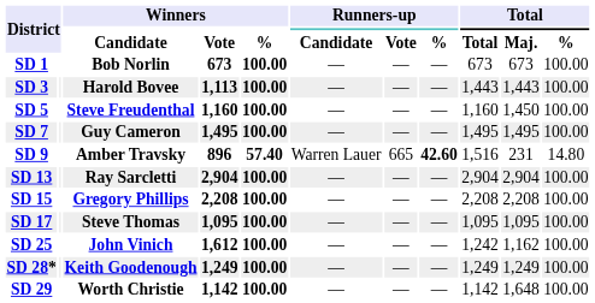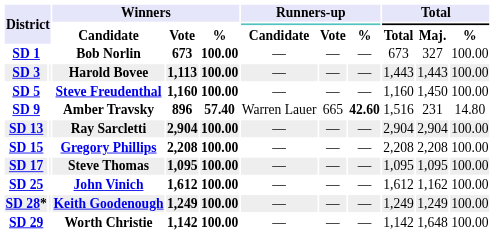 <table class="toccolours sortable" style="text-align:center;">
 <tr style="background:lavender">
 <th rowspan="3" colspan="2">District</th>
 <th colspan=3>Winners</th>
 <th colspan=3>Runners-up</th>
 <th colspan=3>Total</th>
 </tr>
 <tr>
 <th colspan=3 style="background-color:"></th>
 <th colspan=3 style="background-color:#51C2C2"></th>
 <th colspan=3 style="background-color:#000000"></th>
 </tr>
 <tr>
 <th align="center">Candidate</th>
 <th align="center">Vote</th>
 <th align="center">%</th>
 <th align="center">Candidate</th>
 <th align="center">Vote</th>
 <th align="center">%</th>
 <th align="center">Total</th>
 <th align="center">Maj.</th>
 <th align="center">%</th>
 </tr>
 <tr>
 <th><a href='#'>SD 1</a></th>
 <td style="background-color:"></td>
 <td><strong>Bob Norlin</strong></td>
 <td><strong>673</strong></td>
 <td><strong>100.00	</strong></td>
 <td>—</td>
 <td>—</td>
 <td>—</td>
 <td>673</td>
-<td>673</td>
+<td>327</td>
 <td>100.00</td>
 </tr>
 <tr style="background:#EEEEEE;">
 <th><a href='#'>SD 3</a></th>
 <td style="background-color:"></td>
 <td><strong>Harold Bovee</strong></td>
 <td><strong>1,113</strong></td>
 <td><strong>100.00	</strong></td>
 <td>—</td>
 <td>—</td>
 <td>—</td>
 <td>1,443</td>
 <td>1,443</td>
 <td>100.00</td>
 </tr>
 <tr>
 <th><a href='#'>SD 5</a></th>
 <td style="background-color:"></td>
 <td><strong><a href='#'>Steve Freudenthal</a></strong></td>
 <td><strong>1,160</strong></td>
 <td><strong>100.00	</strong></td>
 <td>—</td>
 <td>—</td>
 <td>—</td>
 <td>1,160</td>
 <td>1,450</td>
-<td>100.00</td>
-</tr>
-<tr style="background:#EEEEEE;">
-<th><a href='#'>SD 7</a></th>
-<td style="background-color:"></td>
-<td><strong>Guy Cameron</strong></td>
-<td><strong>1,495</strong></td>
-<td><strong>100.00	</strong></td>
-<td>—</td>
-<td>—</td>
-<td>—</td>
-<td>1,495</td>
-<td>1,495</td>
 <td>100.00</td>
 </tr>
 <tr>
 <th><a href='#'>SD 9</a></th>
 <td style="background-color:"></td>
 <td><strong>Amber Travsky</strong></td>
 <td><strong>896	</strong></td>
 <td><strong>57.40</strong></td>
 <td>Warren Lauer</td>
 <td>665</td>
 <td><strong>42.60</strong></td>
 <td>1,516</td>
 <td>231</td>
 <td>14.80</td>
 </tr>
 <tr style="background:#EEEEEE;">
 <th><a href='#'>SD 13</a></th>
 <td style="background-color:"></td>
 <td><strong>Ray Sarcletti</strong></td>
 <td><strong>2,904</strong></td>
 <td><strong>100.00	</strong></td>
 <td>—</td>
 <td>—</td>
 <td>—</td>
 <td>2,904</td>
 <td>2,904</td>
 <td>100.00</td>
 </tr>
 <tr>
 <th><a href='#'>SD 15</a></th>
 <td style="background-color:"></td>
 <td><strong><a href='#'>Gregory Phillips</a></strong></td>
 <td><strong>2,208</strong></td>
 <td><strong>100.00	</strong></td>
 <td>—</td>
 <td>—</td>
 <td>—</td>
 <td>2,208</td>
 <td>2,208</td>
 <td>100.00</td>
 </tr>
 <tr style="background:#EEEEEE;">
 <th><a href='#'>SD 17</a></th>
 <td style="background-color:"></td>
 <td><strong>Steve Thomas</strong></td>
 <td><strong>1,095</strong></td>
 <td><strong>100.00	</strong></td>
 <td>—</td>
 <td>—</td>
 <td>—</td>
 <td>1,095</td>
 <td>1,095</td>
 <td>100.00</td>
 </tr>
 <tr>
 <th><a href='#'>SD 25</a></th>
 <td style="background-color:"></td>
 <td><strong><a href='#'>John Vinich</a></strong></td>
 <td><strong>1,612</strong></td>
 <td><strong>100.00	</strong></td>
 <td>—</td>
 <td>—</td>
 <td>—</td>
-<td>1,242</td>
+<td>1,612</td>
 <td>1,162</td>
 <td>100.00</td>
 </tr>
 <tr style="background:#EEEEEE;">
 <th><a href='#'>SD 28</a>*</th>
 <td style="background-color:"></td>
 <td><strong><a href='#'>Keith Goodenough</a></strong></td>
 <td><strong>1,249</strong></td>
 <td><strong>100.00	</strong></td>
 <td>—</td>
 <td>—</td>
 <td>—</td>
 <td>1,249</td>
 <td>1,249</td>
 <td>100.00</td>
 </tr>
 <tr>
 <th><a href='#'>SD 29</a></th>
 <td style="background-color:"></td>
 <td><strong>Worth Christie</strong></td>
 <td><strong>1,142</strong></td>
 <td><strong>100.00	</strong></td>
 <td>—</td>
 <td>—</td>
 <td>—</td>
 <td>1,142</td>
 <td>1,648</td>
 <td>100.00</td>
 </tr>
 </table>
